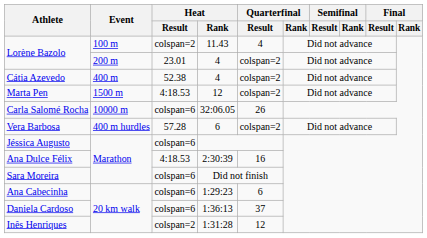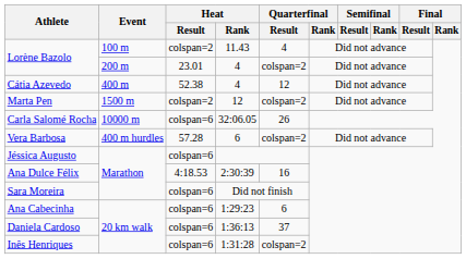 <table class="wikitable" style="font-size:90%">
 <tr>
 <th rowspan="2">Athlete</th>
 <th rowspan="2">Event</th>
 <th colspan="2">Heat</th>
 <th colspan="2">Quarterfinal</th>
 <th colspan="2">Semifinal</th>
 <th colspan="2">Final</th>
 </tr>
 <tr style="font-size:95%">
 <th>Result</th>
 <th>Rank</th>
 <th>Result</th>
 <th>Rank</th>
 <th>Result</th>
 <th>Rank</th>
 <th>Result</th>
 <th>Rank</th>
 </tr>
 <tr align=center>
 <td align=left rowspan=2><a href='#'>Lorène Bazolo</a></td>
 <td align=left><a href='#'>100 m</a></td>
 <td>colspan=2 </td>
 <td>11.43</td>
 <td>4</td>
 <td colspan=4>Did not advance</td>
 </tr>
 <tr align=center>
 <td align=left><a href='#'>200 m</a></td>
 <td>23.01</td>
 <td>4</td>
 <td>colspan=2 </td>
 <td colspan=4>Did not advance</td>
 </tr>
 <tr align=center>
 <td align=left><a href='#'>Cátia Azevedo</a></td>
 <td align=left><a href='#'>400 m</a></td>
 <td>52.38</td>
 <td>4</td>
-<td>colspan=2 </td>
+<td>12</td>
 <td colspan=4>Did not advance</td>
 </tr>
 <tr align=center>
 <td align=left><a href='#'>Marta Pen</a></td>
 <td align=left><a href='#'>1500 m</a></td>
-<td>4:18.53</td>
+<td>colspan=2 </td>
 <td>12</td>
 <td>colspan=2 </td>
 <td colspan=4>Did not advance</td>
 </tr>
 <tr align=center>
 <td align=left><a href='#'>Carla Salomé Rocha</a></td>
 <td align=left><a href='#'>10000 m</a></td>
 <td>colspan=6 </td>
 <td>32:06.05</td>
 <td>26</td>
 </tr>
 <tr align=center>
 <td align=left><a href='#'>Vera Barbosa</a></td>
 <td align=left><a href='#'>400 m hurdles</a></td>
 <td>57.28</td>
 <td>6</td>
 <td>colspan=2 </td>
 <td colspan=4>Did not advance</td>
 </tr>
 <tr align=center>
 <td align=left><a href='#'>Jéssica Augusto</a></td>
 <td align=left rowspan=3><a href='#'>Marathon</a></td>
 <td>colspan=6 </td>
 <td colspan=2></td>
 </tr>
 <tr align=center>
 <td align=left><a href='#'>Ana Dulce Félix</a></td>
 <td>4:18.53</td>
 <td>2:30:39</td>
 <td>16</td>
 </tr>
 <tr align=center>
 <td align=left><a href='#'>Sara Moreira</a></td>
 <td>colspan=6 </td>
 <td colspan=2>Did not finish</td>
 </tr>
 <tr align=center>
 <td align=left><a href='#'>Ana Cabecinha</a></td>
 <td align=left rowspan=3><a href='#'>20 km walk</a></td>
 <td>colspan=6 </td>
 <td>1:29:23</td>
 <td>6</td>
 </tr>
 <tr align=center>
 <td align=left><a href='#'>Daniela Cardoso</a></td>
 <td>colspan=6 </td>
 <td>1:36:13</td>
 <td>37</td>
 </tr>
 <tr align=center>
 <td align=left><a href='#'>Inês Henriques</a></td>
+<td>colspan=6 </td>
+<td>1:31:28</td>
 <td>colspan=2 </td>
-<td>1:31:28</td>
-<td>12</td>
 </tr>
 </table>
